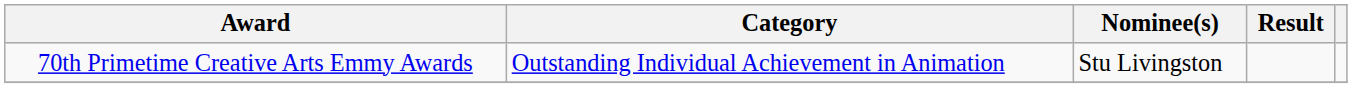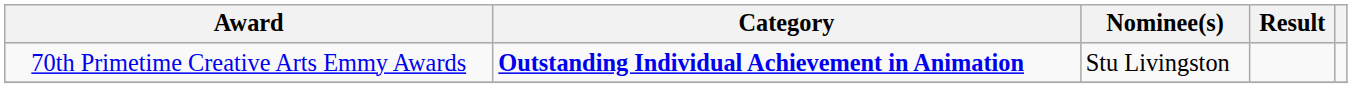 <table class="wikitable sortable" style="width:100%">
 <tr>
 <th scope="col">Award</th>
 <th scope="col">Category</th>
 <th>Nominee(s)</th>
 <th scope="col">Result</th>
 <th scope="col" class="unsortable"></th>
 </tr>
 <tr>
 <td align="center"><a href='#'>70th Primetime Creative Arts Emmy Awards</a></td>
-<td><a href='#'>Outstanding Individual Achievement in Animation</a></td>
+<td><strong><a href='#'>Outstanding Individual Achievement in Animation</a></strong></td>
 <td>Stu Livingston</td>
 <td></td>
 <td align="center"></td>
 </tr>
 <tr>
 </tr>
 </table>
